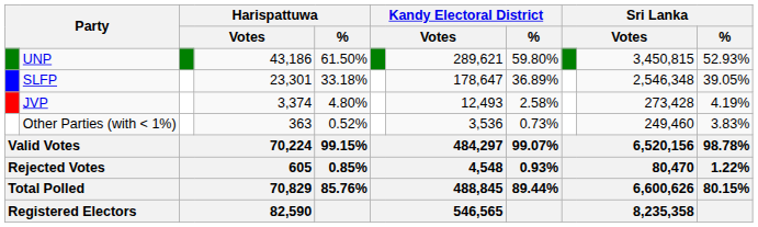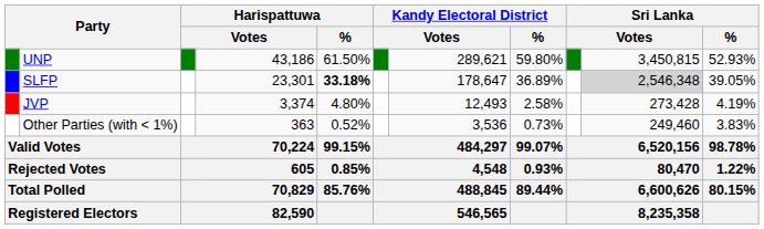 <table class="wikitable">
 <tr>
 <th colspan="2" width="144px"rowspan="2">Party</th>
 <th colspan="3" width="216px">Harispattuwa</th>
 <th colspan="3" width="216px"><a href='#'>Kandy Electoral District</a></th>
 <th colspan="3" width="216px">Sri Lanka</th>
 </tr>
 <tr>
 <th colspan="2" width="144px">Votes</th>
 <th>%</th>
 <th colspan="2" width="144px">Votes</th>
 <th>%</th>
 <th colspan="2" width="144px">Votes</th>
 <th>%</th>
 </tr>
 <tr>
 <td style="background-color:green;" width="10px"></td>
 <td style="text-align:left;"><a href='#'>UNP</a></td>
 <td style="background-color:green;" width="10px"></td>
 <td style="text-align:right;">43,186</td>
 <td style="text-align:right;">61.50%</td>
 <td style="background-color:green;" width="10px"></td>
 <td style="text-align:right;">289,621</td>
 <td style="text-align:right;">59.80%</td>
 <td style="background-color:green;" width="10px"></td>
 <td style="text-align:right;">3,450,815</td>
 <td style="text-align:right;">52.93%</td>
 </tr>
 <tr>
 <td style="background-color:blue;" width="10px"></td>
 <td style="text-align:left;"><a href='#'>SLFP</a></td>
 <td style="background-color:white;" width="10px"></td>
 <td style="text-align:right;">23,301</td>
-<td style="text-align:right;">33.18%</td>
+<td style="text-align:right;"><strong>33.18%</strong></td>
 <td style="background-color:white;" width="10px"></td>
 <td style="text-align:right;">178,647</td>
 <td style="text-align:right;">36.89%</td>
 <td style="background-color:white;" width="10px"></td>
-<td style="text-align:right;">2,546,348</td>
+<td style="background: lightgrey; text-align:right;">2,546,348</td>
 <td style="text-align:right;">39.05%</td>
 </tr>
 <tr>
 <td style="background-color:red;" width="10px"></td>
 <td style="text-align:left;"><a href='#'>JVP</a></td>
 <td style="background-color:white;" width="10px"></td>
 <td style="text-align:right;">3,374</td>
 <td style="text-align:right;">4.80%</td>
 <td style="background-color:white;" width="10px"></td>
 <td style="text-align:right;">12,493</td>
 <td style="text-align:right;">2.58%</td>
 <td style="background-color:white;" width="10px"></td>
 <td style="text-align:right;">273,428</td>
 <td style="text-align:right;">4.19%</td>
 </tr>
 <tr>
 <td style="background-color:white;" width="10px"></td>
 <td style="text-align:left;">Other Parties (with < 1%)</td>
 <td style="background-color:white;" width="10px"></td>
 <td style="text-align:right;">363</td>
 <td style="text-align:right;">0.52%</td>
 <td style="background-color:white;" width="10px"></td>
 <td style="text-align:right;">3,536</td>
 <td style="text-align:right;">0.73%</td>
 <td style="background-color:white;" width="10px"></td>
 <td style="text-align:right;">249,460</td>
 <td style="text-align:right;">3.83%</td>
 </tr>
 <tr>
 <th colspan="2" width="144px"style="text-align:left;">Valid Votes</th>
 <th style="text-align:right;"colspan="2" width="144px">70,224</th>
 <th style="text-align:right;">99.15%</th>
 <th style="text-align:right;"colspan="2" width="144px">484,297</th>
 <th style="text-align:right;">99.07%</th>
 <th style="text-align:right;"colspan="2" width="144px">6,520,156</th>
 <th style="text-align:right;">98.78%</th>
 </tr>
 <tr>
 <th colspan="2" width="144px"style="text-align:left;">Rejected Votes</th>
 <th style="text-align:right;"colspan="2" width="144px">605</th>
 <th style="text-align:right;">0.85%</th>
 <th style="text-align:right;"colspan="2" width="144px">4,548</th>
 <th style="text-align:right;">0.93%</th>
 <th style="text-align:right;"colspan="2" width="144px">80,470</th>
 <th style="text-align:right;">1.22%</th>
 </tr>
 <tr>
 <th colspan="2" width="144px"style="text-align:left;">Total Polled</th>
 <th style="text-align:right;"colspan="2" width="144px">70,829</th>
 <th style="text-align:right;">85.76%</th>
 <th style="text-align:right;"colspan="2" width="144px">488,845</th>
 <th style="text-align:right;">89.44%</th>
 <th style="text-align:right;"colspan="2" width="144px">6,600,626</th>
 <th style="text-align:right;">80.15%</th>
 </tr>
 <tr>
 <th colspan="2" width="144px"style="text-align:left;">Registered Electors</th>
 <th style="text-align:right;"colspan="2" width="144px">82,590</th>
 <th></th>
 <th style="text-align:right;"colspan="2" width="144px">546,565</th>
 <th></th>
 <th style="text-align:right;"colspan="2" width="144px">8,235,358</th>
 <th></th>
 </tr>
 </table>
